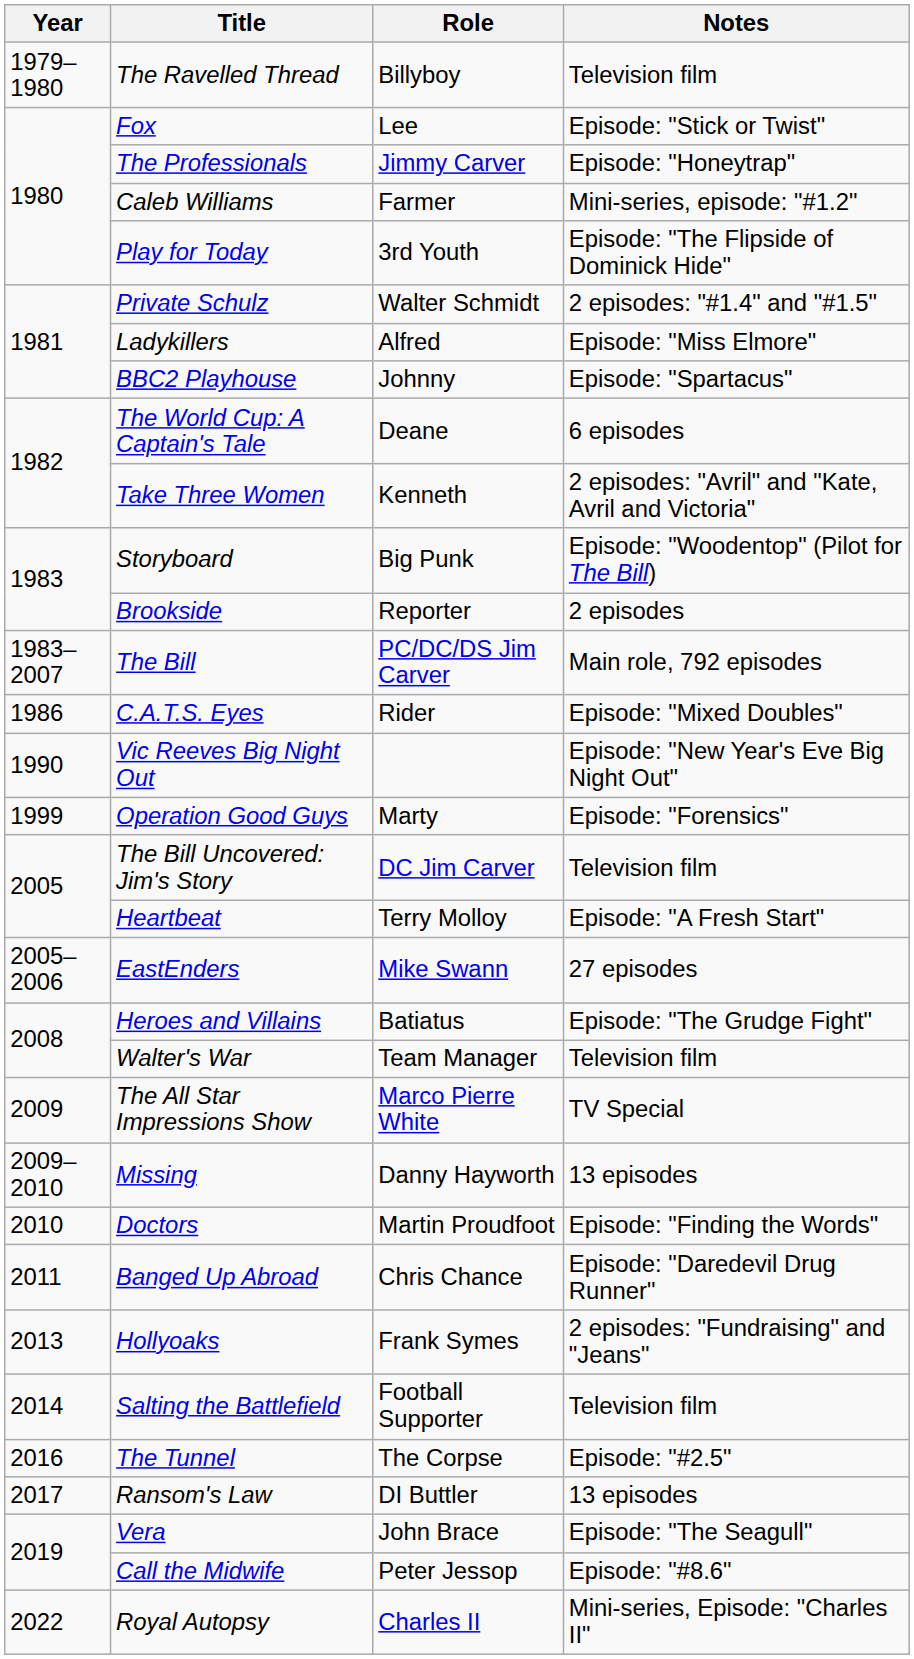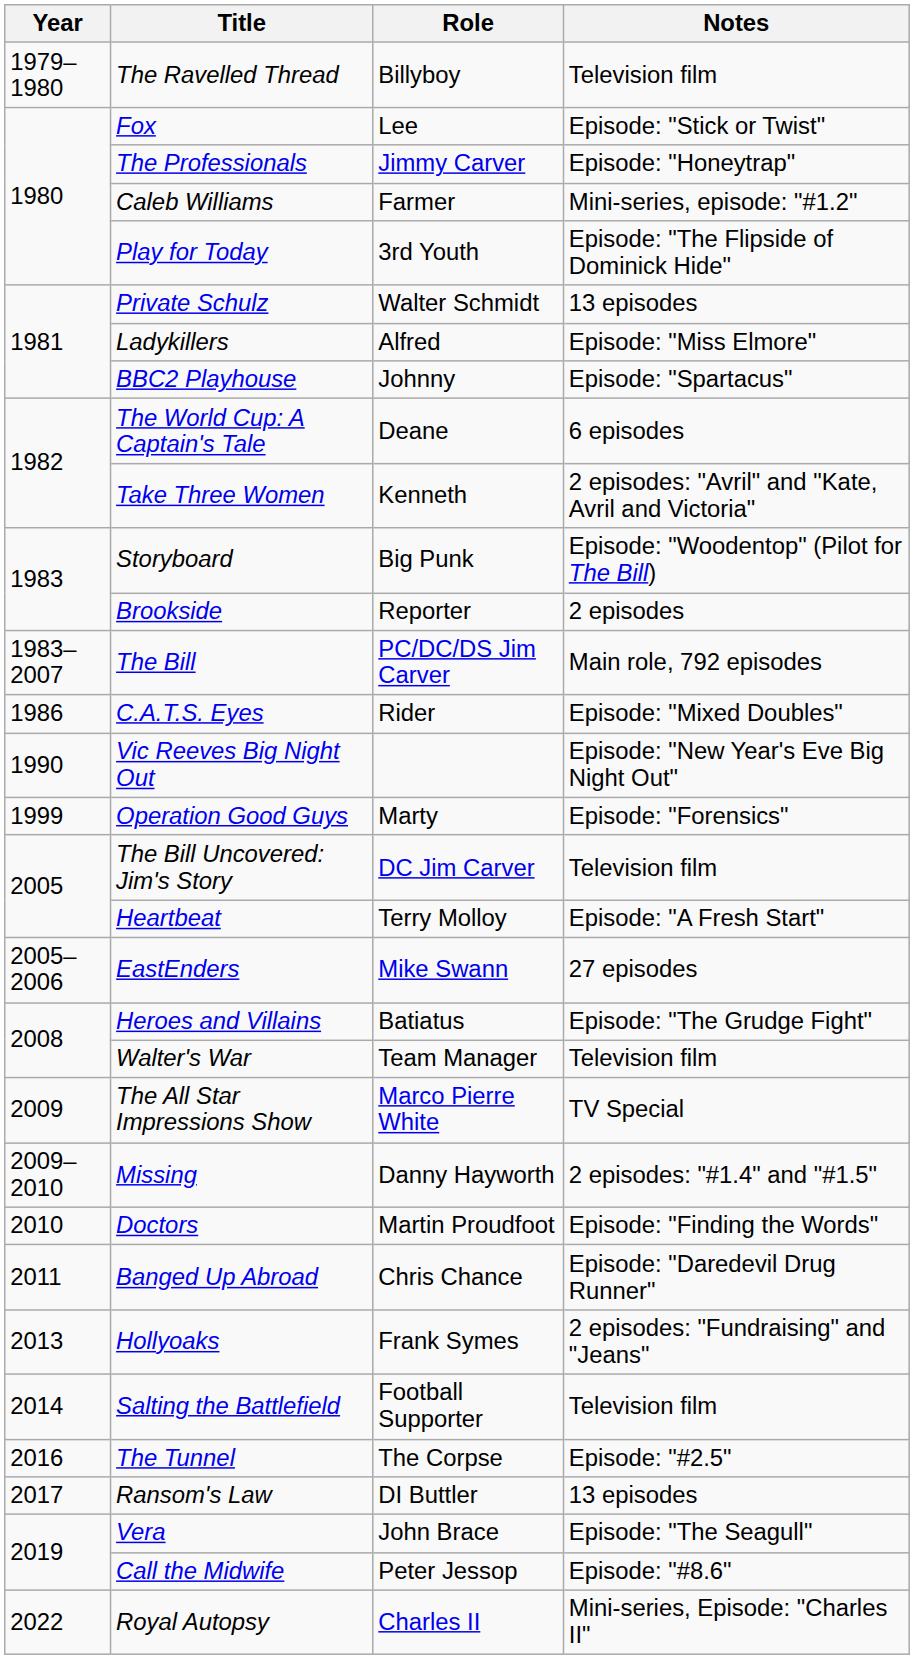 <table class="wikitable sortable">
 <tr>
 <th>Year</th>
 <th>Title</th>
 <th>Role</th>
 <th>Notes</th>
 </tr>
 <tr>
 <td>1979–1980</td>
 <td><em>The Ravelled Thread</em></td>
 <td>Billyboy</td>
 <td>Television film</td>
 </tr>
 <tr>
 <td rowspan=4>1980</td>
 <td><em><a href='#'>Fox</a></em></td>
 <td>Lee</td>
 <td>Episode: "Stick or Twist"</td>
 </tr>
 <tr>
 <td><em><a href='#'>The Professionals</a></em></td>
 <td><a href='#'>Jimmy Carver</a></td>
 <td>Episode: "Honeytrap"</td>
 </tr>
 <tr>
 <td><em>Caleb Williams</em></td>
 <td>Farmer</td>
 <td>Mini-series, episode: "#1.2"</td>
 </tr>
 <tr>
 <td><em><a href='#'>Play for Today</a></em></td>
 <td>3rd Youth</td>
 <td>Episode: "The Flipside of Dominick Hide"</td>
 </tr>
 <tr>
 <td rowspan=3>1981</td>
 <td><em><a href='#'>Private Schulz</a></em></td>
 <td>Walter Schmidt</td>
-<td>2 episodes: "#1.4" and "#1.5"</td>
+<td>13 episodes</td>
 </tr>
 <tr>
 <td><em>Ladykillers</em></td>
 <td>Alfred</td>
 <td>Episode: "Miss Elmore"</td>
 </tr>
 <tr>
 <td><em><a href='#'>BBC2 Playhouse</a></em></td>
 <td>Johnny</td>
 <td>Episode: "Spartacus"</td>
 </tr>
 <tr>
 <td rowspan=2>1982</td>
 <td><em><a href='#'>The World Cup: A Captain's Tale</a></em></td>
 <td>Deane</td>
 <td>6 episodes</td>
 </tr>
 <tr>
 <td><em><a href='#'>Take Three Women</a></em></td>
 <td>Kenneth</td>
 <td>2 episodes: "Avril" and "Kate, Avril and Victoria"</td>
 </tr>
 <tr>
 <td rowspan=2>1983</td>
 <td><em>Storyboard</em></td>
 <td>Big Punk</td>
 <td>Episode: "Woodentop" (Pilot for <em><a href='#'>The Bill</a></em>)</td>
 </tr>
 <tr>
 <td><em><a href='#'>Brookside</a></em></td>
 <td>Reporter</td>
 <td>2 episodes</td>
 </tr>
 <tr>
 <td>1983–2007</td>
 <td><em><a href='#'>The Bill</a></em></td>
 <td><a href='#'>PC/DC/DS Jim Carver</a></td>
 <td>Main role, 792 episodes</td>
 </tr>
 <tr>
 <td>1986</td>
 <td><em><a href='#'>C.A.T.S. Eyes</a></em></td>
 <td>Rider</td>
 <td>Episode: "Mixed Doubles"</td>
 </tr>
 <tr>
 <td>1990</td>
 <td><em><a href='#'>Vic Reeves Big Night Out</a></em></td>
 <td></td>
 <td>Episode: "New Year's Eve Big Night Out"</td>
 </tr>
 <tr>
 <td>1999</td>
 <td><em><a href='#'>Operation Good Guys</a></em></td>
 <td>Marty</td>
 <td>Episode: "Forensics"</td>
 </tr>
 <tr>
 <td rowspan=2>2005</td>
 <td><em>The Bill Uncovered: Jim's Story</em></td>
 <td><a href='#'>DC Jim Carver</a></td>
 <td>Television film</td>
 </tr>
 <tr>
 <td><em><a href='#'>Heartbeat</a></em></td>
 <td>Terry Molloy</td>
 <td>Episode: "A Fresh Start"</td>
 </tr>
 <tr>
 <td>2005–2006</td>
 <td><em><a href='#'>EastEnders</a></em></td>
 <td><a href='#'>Mike Swann</a></td>
 <td>27 episodes</td>
 </tr>
 <tr>
 <td rowspan=2>2008</td>
 <td><em><a href='#'>Heroes and Villains</a></em></td>
 <td>Batiatus</td>
 <td>Episode: "The Grudge Fight"</td>
 </tr>
 <tr>
 <td><em>Walter's War</em></td>
 <td>Team Manager</td>
 <td>Television film</td>
 </tr>
 <tr>
 <td>2009</td>
 <td><em>The All Star Impressions Show</em></td>
 <td><a href='#'>Marco Pierre White</a></td>
 <td>TV Special</td>
 </tr>
 <tr>
 <td>2009–2010</td>
 <td><em><a href='#'>Missing</a></em></td>
 <td>Danny Hayworth</td>
-<td>13 episodes</td>
+<td>2 episodes: "#1.4" and "#1.5"</td>
 </tr>
 <tr>
 <td>2010</td>
 <td><em><a href='#'>Doctors</a></em></td>
 <td>Martin Proudfoot</td>
 <td>Episode: "Finding the Words"</td>
 </tr>
 <tr>
 <td>2011</td>
 <td><em><a href='#'>Banged Up Abroad</a></em></td>
 <td>Chris Chance</td>
 <td>Episode: "Daredevil Drug Runner"</td>
 </tr>
 <tr>
 <td>2013</td>
 <td><em><a href='#'>Hollyoaks</a></em> </td>
 <td>Frank Symes</td>
 <td>2 episodes: "Fundraising" and "Jeans"</td>
 </tr>
 <tr>
 <td>2014</td>
 <td><em><a href='#'>Salting the Battlefield</a></em></td>
 <td>Football Supporter</td>
 <td>Television film</td>
 </tr>
 <tr>
 <td>2016</td>
 <td><em><a href='#'>The Tunnel</a></em></td>
 <td>The Corpse</td>
 <td>Episode: "#2.5"</td>
 </tr>
 <tr>
 <td>2017</td>
 <td><em>Ransom's Law</em></td>
 <td>DI Buttler</td>
 <td>13 episodes</td>
 </tr>
 <tr>
 <td rowspan=2>2019</td>
 <td><em><a href='#'>Vera</a></em></td>
 <td>John Brace</td>
 <td>Episode: "The Seagull"</td>
 </tr>
 <tr>
 <td><em><a href='#'>Call the Midwife</a></em></td>
 <td>Peter Jessop</td>
 <td>Episode: "#8.6"</td>
 </tr>
 <tr>
 <td>2022</td>
 <td><em>Royal Autopsy</em></td>
 <td><a href='#'>Charles II</a></td>
 <td>Mini-series, Episode: "Charles II"</td>
 </tr>
 </table>
